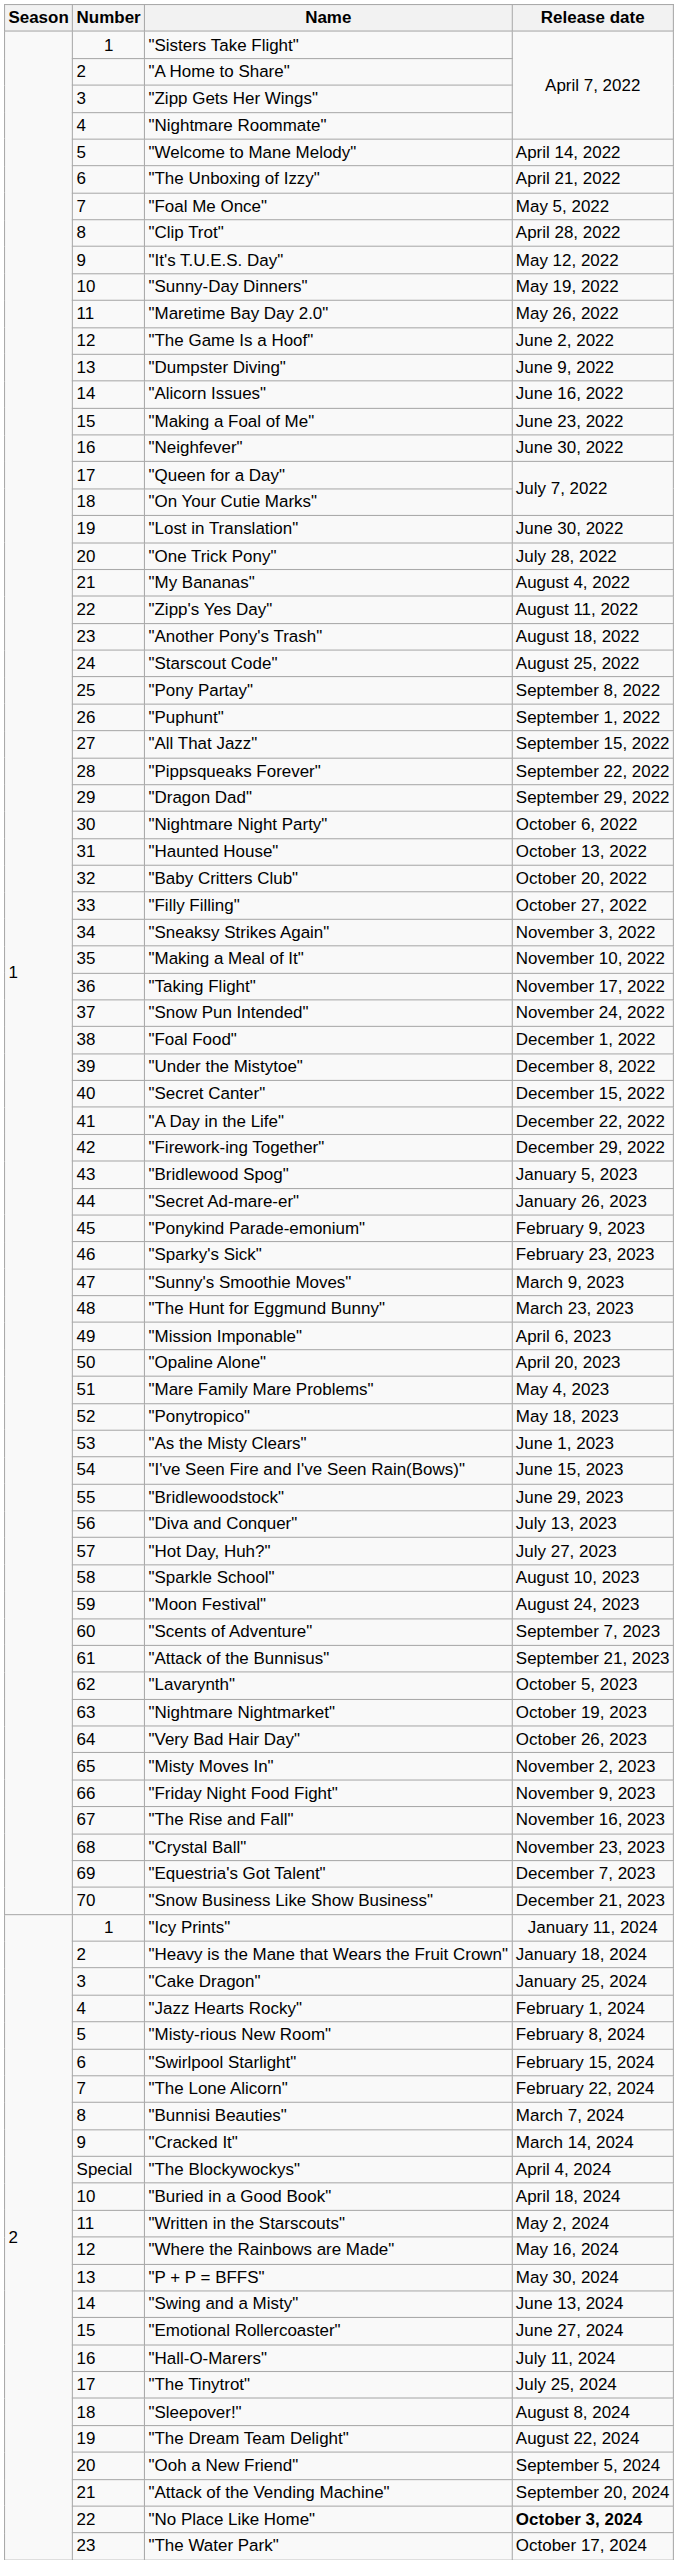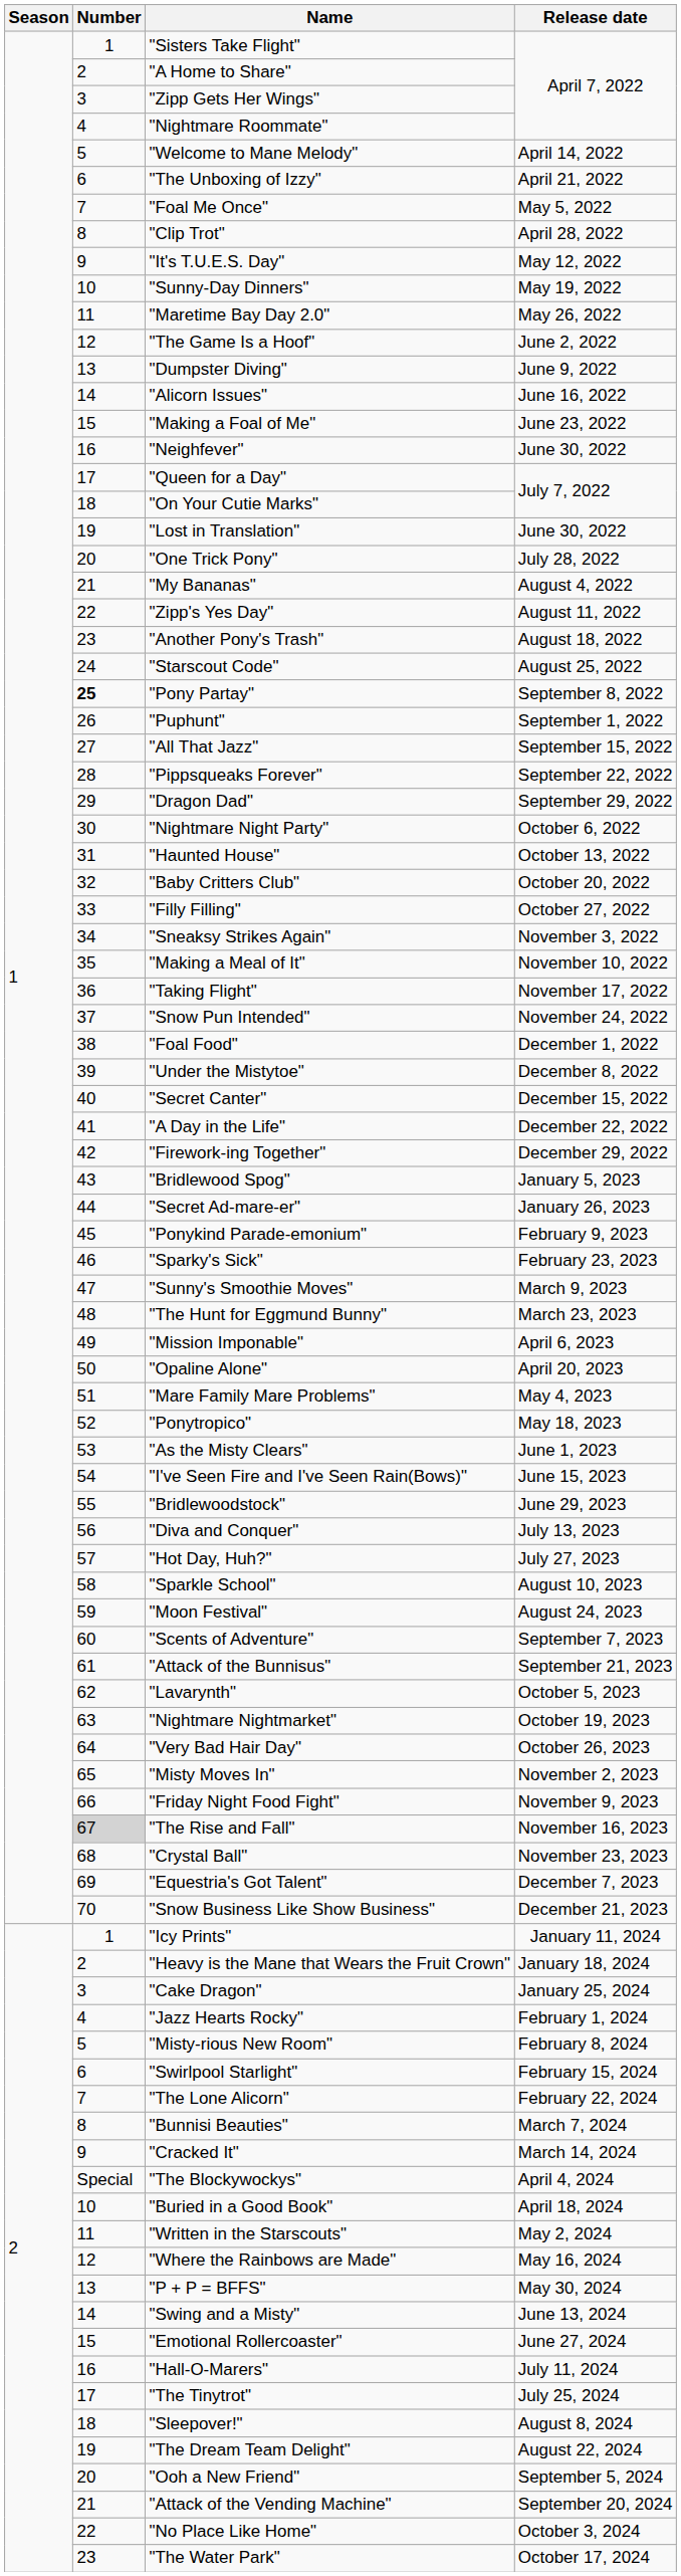 <table class="wikitable col1center col2left col3center">
 <tr>
 <th>Season</th>
 <th>Number</th>
 <th>Name</th>
 <th>Release date</th>
 </tr>
 <tr>
 <td rowspan="70">1</td>
 <td style="text-align: center;">1</td>
 <td style="text-align: left;">"Sisters Take Flight"</td>
 <td rowspan="4" style="text-align: center;">April 7, 2022</td>
 </tr>
 <tr>
 <td>2</td>
 <td>"A Home to Share"</td>
 </tr>
 <tr>
 <td>3</td>
 <td>"Zipp Gets Her Wings"</td>
 </tr>
 <tr>
 <td>4</td>
 <td>"Nightmare Roommate"</td>
 </tr>
 <tr>
 <td>5</td>
 <td>"Welcome to Mane Melody"</td>
 <td>April 14, 2022</td>
 </tr>
 <tr>
 <td>6</td>
 <td>"The Unboxing of Izzy"</td>
 <td>April 21, 2022</td>
 </tr>
 <tr>
 <td>7</td>
 <td>"Foal Me Once"</td>
 <td>May 5, 2022</td>
 </tr>
 <tr>
 <td>8</td>
 <td>"Clip Trot"</td>
 <td>April 28, 2022</td>
 </tr>
 <tr>
 <td>9</td>
 <td>"It's T.U.E.S. Day"</td>
 <td>May 12, 2022</td>
 </tr>
 <tr>
 <td>10</td>
 <td>"Sunny-Day Dinners"</td>
 <td>May 19, 2022</td>
 </tr>
 <tr>
 <td>11</td>
 <td>"Maretime Bay Day 2.0"</td>
 <td>May 26, 2022</td>
 </tr>
 <tr>
 <td>12</td>
 <td>"The Game Is a Hoof"</td>
 <td>June 2, 2022</td>
 </tr>
 <tr>
 <td>13</td>
 <td>"Dumpster Diving"</td>
 <td>June 9, 2022</td>
 </tr>
 <tr>
 <td>14</td>
 <td>"Alicorn Issues"</td>
 <td>June 16, 2022</td>
 </tr>
 <tr>
 <td>15</td>
 <td>"Making a Foal of Me"</td>
 <td>June 23, 2022</td>
 </tr>
 <tr>
 <td>16</td>
 <td>"Neighfever"</td>
 <td>June 30, 2022</td>
 </tr>
 <tr>
 <td>17</td>
 <td>"Queen for a Day"</td>
 <td rowspan="2">July 7, 2022</td>
 </tr>
 <tr>
 <td>18</td>
 <td>"On Your Cutie Marks"</td>
 </tr>
 <tr>
 <td>19</td>
 <td>"Lost in Translation"</td>
 <td>June 30, 2022</td>
 </tr>
 <tr>
 <td>20</td>
 <td>"One Trick Pony"</td>
 <td>July 28, 2022</td>
 </tr>
 <tr>
 <td>21</td>
 <td>"My Bananas"</td>
 <td>August 4, 2022</td>
 </tr>
 <tr>
 <td>22</td>
 <td>"Zipp's Yes Day"</td>
 <td>August 11, 2022</td>
 </tr>
 <tr>
 <td>23</td>
 <td>"Another Pony's Trash"</td>
 <td>August 18, 2022</td>
 </tr>
 <tr>
 <td>24</td>
 <td>"Starscout Code"</td>
 <td>August 25, 2022</td>
 </tr>
 <tr>
-<td>25</td>
+<td><strong>25</strong></td>
 <td>"Pony Partay"</td>
 <td>September 8, 2022</td>
 </tr>
 <tr>
 <td>26</td>
 <td>"Puphunt"</td>
 <td>September 1, 2022</td>
 </tr>
 <tr>
 <td>27</td>
 <td>"All That Jazz"</td>
 <td>September 15, 2022</td>
 </tr>
 <tr>
 <td>28</td>
 <td>"Pippsqueaks Forever"</td>
 <td>September 22, 2022</td>
 </tr>
 <tr>
 <td>29</td>
 <td>"Dragon Dad"</td>
 <td>September 29, 2022</td>
 </tr>
 <tr>
 <td>30</td>
 <td>"Nightmare Night Party"</td>
 <td>October 6, 2022</td>
 </tr>
 <tr>
 <td>31</td>
 <td>"Haunted House"</td>
 <td>October 13, 2022</td>
 </tr>
 <tr>
 <td>32</td>
 <td>"Baby Critters Club"</td>
 <td>October 20, 2022</td>
 </tr>
 <tr>
 <td>33</td>
 <td>"Filly Filling"</td>
 <td>October 27, 2022</td>
 </tr>
 <tr>
 <td>34</td>
 <td>"Sneaksy Strikes Again"</td>
 <td>November 3, 2022</td>
 </tr>
 <tr>
 <td>35</td>
 <td>"Making a Meal of It"</td>
 <td>November 10, 2022</td>
 </tr>
 <tr>
 <td>36</td>
 <td>"Taking Flight"</td>
 <td>November 17, 2022</td>
 </tr>
 <tr>
 <td>37</td>
 <td>"Snow Pun Intended"</td>
 <td>November 24, 2022</td>
 </tr>
 <tr>
 <td>38</td>
 <td>"Foal Food"</td>
 <td>December 1, 2022</td>
 </tr>
 <tr>
 <td>39</td>
 <td>"Under the Mistytoe"</td>
 <td>December 8, 2022</td>
 </tr>
 <tr>
 <td>40</td>
 <td>"Secret Canter"</td>
 <td>December 15, 2022</td>
 </tr>
 <tr>
 <td>41</td>
 <td>"A Day in the Life"</td>
 <td>December 22, 2022</td>
 </tr>
 <tr>
 <td>42</td>
 <td>"Firework-ing Together"</td>
 <td>December 29, 2022</td>
 </tr>
 <tr>
 <td>43</td>
 <td>"Bridlewood Spog"</td>
 <td>January 5, 2023</td>
 </tr>
 <tr>
 <td>44</td>
 <td>"Secret Ad-mare-er"</td>
 <td>January 26, 2023</td>
 </tr>
 <tr>
 <td>45</td>
 <td>"Ponykind Parade-emonium"</td>
 <td>February 9, 2023</td>
 </tr>
 <tr>
 <td>46</td>
 <td>"Sparky's Sick"</td>
 <td>February 23, 2023</td>
 </tr>
 <tr>
 <td>47</td>
 <td>"Sunny's Smoothie Moves"</td>
 <td>March 9, 2023</td>
 </tr>
 <tr>
 <td>48</td>
 <td>"The Hunt for Eggmund Bunny"</td>
 <td>March 23, 2023</td>
 </tr>
 <tr>
 <td>49</td>
 <td>"Mission Imponable"</td>
 <td>April 6, 2023</td>
 </tr>
 <tr>
 <td>50</td>
 <td>"Opaline Alone"</td>
 <td>April 20, 2023</td>
 </tr>
 <tr>
 <td>51</td>
 <td>"Mare Family Mare Problems"</td>
 <td>May 4, 2023</td>
 </tr>
 <tr>
 <td>52</td>
 <td>"Ponytropico"</td>
 <td>May 18, 2023</td>
 </tr>
 <tr>
 <td>53</td>
 <td>"As the Misty Clears"</td>
 <td>June 1, 2023</td>
 </tr>
 <tr>
 <td>54</td>
 <td>"I've Seen Fire and I've Seen Rain(Bows)"</td>
 <td>June 15, 2023</td>
 </tr>
 <tr>
 <td>55</td>
 <td>"Bridlewoodstock"</td>
 <td>June 29, 2023</td>
 </tr>
 <tr>
 <td>56</td>
 <td>"Diva and Conquer"</td>
 <td>July 13, 2023</td>
 </tr>
 <tr>
 <td>57</td>
 <td>"Hot Day, Huh?"</td>
 <td>July 27, 2023</td>
 </tr>
 <tr>
 <td>58</td>
 <td>"Sparkle School"</td>
 <td>August 10, 2023</td>
 </tr>
 <tr>
 <td>59</td>
 <td>"Moon Festival"</td>
 <td>August 24, 2023</td>
 </tr>
 <tr>
 <td>60</td>
 <td>"Scents of Adventure"</td>
 <td>September 7, 2023</td>
 </tr>
 <tr>
 <td>61</td>
 <td>"Attack of the Bunnisus"</td>
 <td>September 21, 2023</td>
 </tr>
 <tr>
 <td>62</td>
 <td>"Lavarynth"</td>
 <td>October 5, 2023</td>
 </tr>
 <tr>
 <td>63</td>
 <td>"Nightmare Nightmarket"</td>
 <td>October 19, 2023</td>
 </tr>
 <tr>
 <td>64</td>
 <td>"Very Bad Hair Day"</td>
 <td>October 26, 2023</td>
 </tr>
 <tr>
 <td>65</td>
 <td>"Misty Moves In"</td>
 <td>November 2, 2023</td>
 </tr>
 <tr>
 <td>66</td>
 <td>"Friday Night Food Fight"</td>
 <td>November 9, 2023</td>
 </tr>
 <tr>
-<td>67</td>
+<td style="background: lightgrey;">67</td>
 <td>"The Rise and Fall"</td>
 <td>November 16, 2023</td>
 </tr>
 <tr>
 <td>68</td>
 <td>"Crystal Ball"</td>
 <td>November 23, 2023</td>
 </tr>
 <tr>
 <td>69</td>
 <td>"Equestria's Got Talent"</td>
 <td>December 7, 2023</td>
 </tr>
 <tr>
 <td>70</td>
 <td>"Snow Business Like Show Business"</td>
 <td>December 21, 2023</td>
 </tr>
 <tr>
 <td rowspan="24">2</td>
 <td style="text-align: center;">1</td>
 <td style="text-align: left;">"Icy Prints"</td>
 <td style="text-align: center;">January 11, 2024</td>
 </tr>
 <tr>
 <td>2</td>
 <td>"Heavy is the Mane that Wears the Fruit Crown"</td>
 <td>January 18, 2024</td>
 </tr>
 <tr>
 <td>3</td>
 <td>"Cake Dragon"</td>
 <td>January 25, 2024</td>
 </tr>
 <tr>
 <td>4</td>
 <td>"Jazz Hearts Rocky"</td>
 <td>February 1, 2024</td>
 </tr>
 <tr>
 <td>5</td>
 <td>"Misty-rious New Room"</td>
 <td>February 8, 2024</td>
 </tr>
 <tr>
 <td>6</td>
 <td>"Swirlpool Starlight"</td>
 <td>February 15, 2024</td>
 </tr>
 <tr>
 <td>7</td>
 <td>"The Lone Alicorn"</td>
 <td>February 22, 2024</td>
 </tr>
 <tr>
 <td>8</td>
 <td>"Bunnisi Beauties"</td>
 <td>March 7, 2024</td>
 </tr>
 <tr>
 <td>9</td>
 <td>"Cracked It"</td>
 <td>March 14, 2024</td>
 </tr>
 <tr>
 <td>Special</td>
 <td>"The Blockywockys"</td>
 <td>April 4, 2024</td>
 </tr>
 <tr>
 <td>10</td>
 <td>"Buried in a Good Book"</td>
 <td>April 18, 2024</td>
 </tr>
 <tr>
 <td>11</td>
 <td>"Written in the Starscouts"</td>
 <td>May 2, 2024</td>
 </tr>
 <tr>
 <td>12</td>
 <td>"Where the Rainbows are Made"</td>
 <td>May 16, 2024</td>
 </tr>
 <tr>
 <td>13</td>
 <td>"P + P = BFFS"</td>
 <td>May 30, 2024</td>
 </tr>
 <tr>
 <td>14</td>
 <td>"Swing and a Misty"</td>
 <td>June 13, 2024</td>
 </tr>
 <tr>
 <td>15</td>
 <td>"Emotional Rollercoaster"</td>
 <td>June 27, 2024</td>
 </tr>
 <tr>
 <td>16</td>
 <td>"Hall-O-Marers"</td>
 <td>July 11, 2024</td>
 </tr>
 <tr>
 <td>17</td>
 <td>"The Tinytrot"</td>
 <td>July 25, 2024</td>
 </tr>
 <tr>
 <td>18</td>
 <td>"Sleepover!"</td>
 <td>August 8, 2024</td>
 </tr>
 <tr>
 <td>19</td>
 <td>"The Dream Team Delight"</td>
 <td>August 22, 2024</td>
 </tr>
 <tr>
 <td>20</td>
 <td>"Ooh a New Friend"</td>
 <td>September 5, 2024</td>
 </tr>
 <tr>
 <td>21</td>
 <td>"Attack of the Vending Machine"</td>
 <td>September 20, 2024</td>
 </tr>
 <tr>
 <td>22</td>
 <td>"No Place Like Home"</td>
-<td><strong>October 3, 2024</strong></td>
+<td>October 3, 2024</td>
 </tr>
 <tr>
 <td>23</td>
 <td>"The Water Park"</td>
 <td>October 17, 2024</td>
 </tr>
 </table>
